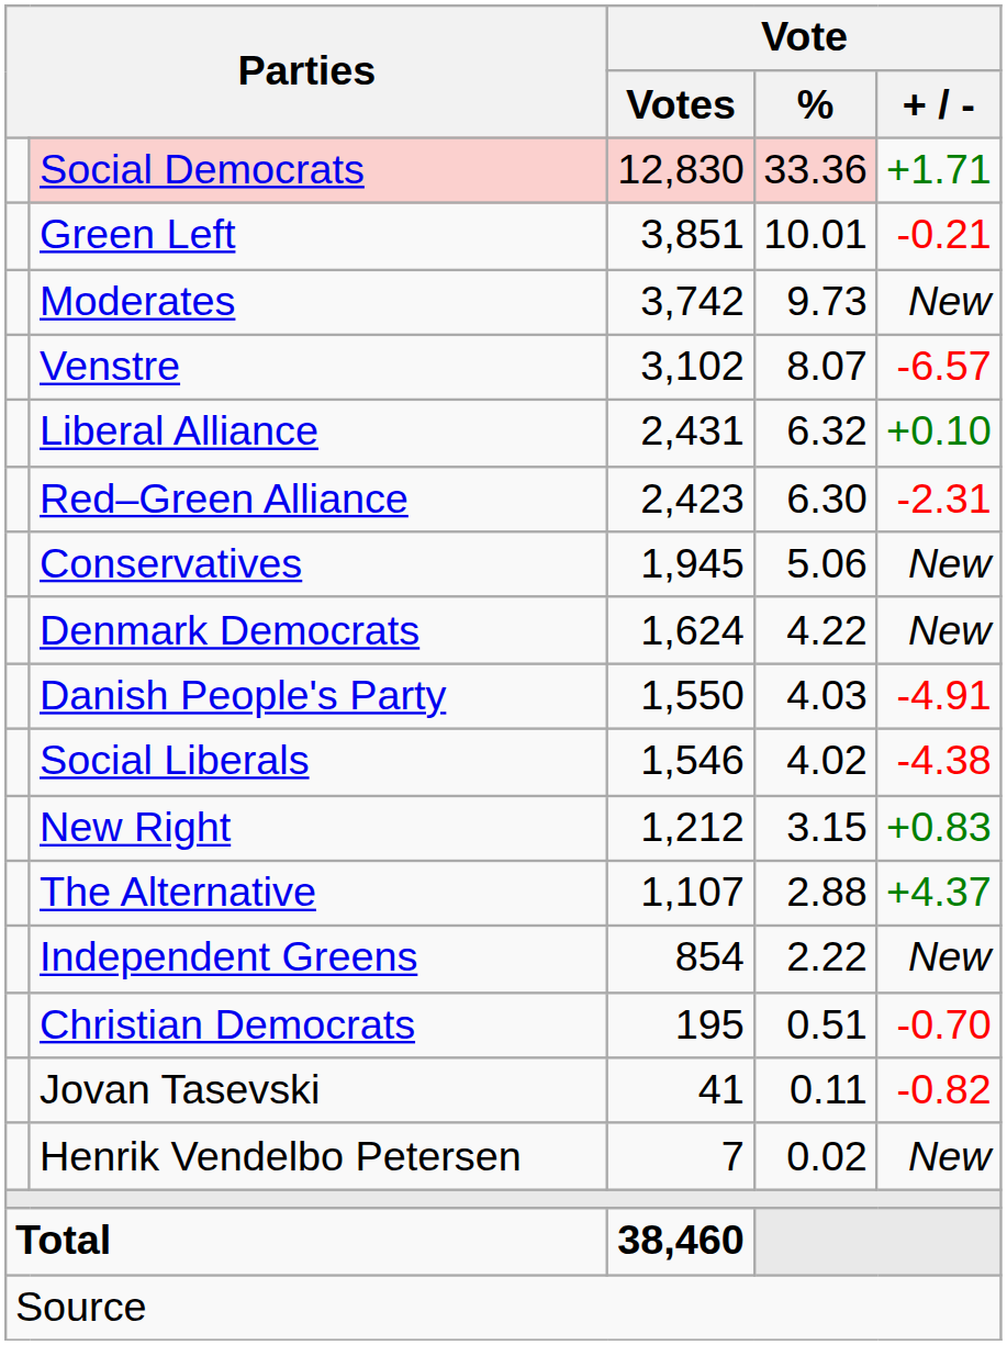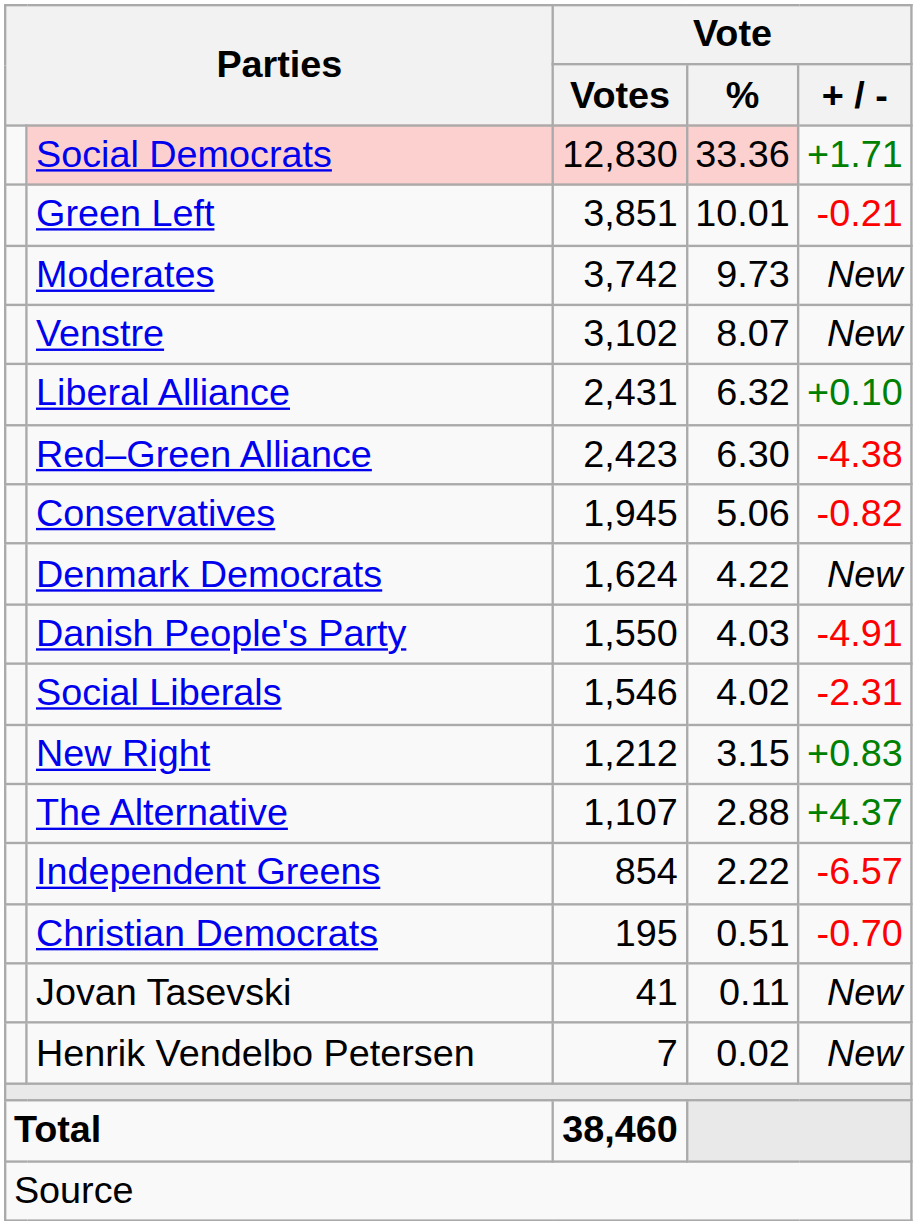 <table class="wikitable" style="text-align:right;">
 <tr>
 <th style="text-align:centre;" rowspan="2" colspan="2" width="225">Parties</th>
 <th colspan="3">Vote</th>
 </tr>
 <tr>
 <th width="15">Votes</th>
 <th width="15">%</th>
 <th width="15">+ / -</th>
 </tr>
 <tr>
 <td width="2" style="color:inherit;background:"></td>
 <td bgcolor=#fbd0ce  align="left"><a href='#'>Social Democrats</a></td>
 <td bgcolor=#fbd0ce>12,830</td>
 <td bgcolor=#fbd0ce>33.36</td>
 <td style=color:green;>+1.71</td>
 </tr>
 <tr>
 <td width="2" style="color:inherit;background:"></td>
 <td align="left"><a href='#'>Green Left</a></td>
 <td>3,851</td>
 <td>10.01</td>
 <td style=color:red;>-0.21</td>
 </tr>
 <tr>
 <td width="2" style="color:inherit;background:"></td>
 <td align="left"><a href='#'>Moderates</a></td>
 <td>3,742</td>
 <td>9.73</td>
 <td><em>New</em></td>
 </tr>
 <tr>
 <td width="2" style="color:inherit;background:"></td>
 <td align="left"><a href='#'>Venstre</a></td>
 <td>3,102</td>
 <td>8.07</td>
-<td style=color:red;>-6.57</td>
+<td><em>New</em></td>
 </tr>
 <tr>
 <td width="2" style="color:inherit;background:"></td>
 <td align="left"><a href='#'>Liberal Alliance</a></td>
 <td>2,431</td>
 <td>6.32</td>
 <td style=color:green;>+0.10</td>
 </tr>
 <tr>
 <td width="2" style="color:inherit;background:"></td>
 <td align="left"><a href='#'>Red–Green Alliance</a></td>
 <td>2,423</td>
 <td>6.30</td>
-<td style=color:red;>-2.31</td>
+<td style=color:red;>-4.38</td>
 </tr>
 <tr>
 <td width="2" style="color:inherit;background:"></td>
 <td align="left"><a href='#'>Conservatives</a></td>
 <td>1,945</td>
 <td>5.06</td>
-<td><em>New</em></td>
+<td style=color:red;>-0.82</td>
 </tr>
 <tr>
 <td width="2" style="color:inherit;background:"></td>
 <td align="left"><a href='#'>Denmark Democrats</a></td>
 <td>1,624</td>
 <td>4.22</td>
 <td><em>New</em></td>
 </tr>
 <tr>
 <td width="2" style="color:inherit;background:"></td>
 <td align="left"><a href='#'>Danish People's Party</a></td>
 <td>1,550</td>
 <td>4.03</td>
 <td style=color:red;>-4.91</td>
 </tr>
 <tr>
 <td width="2" style="color:inherit;background:"></td>
 <td align="left"><a href='#'>Social Liberals</a></td>
 <td>1,546</td>
 <td>4.02</td>
-<td style=color:red;>-4.38</td>
+<td style=color:red;>-2.31</td>
 </tr>
 <tr>
 <td width="2" style="color:inherit;background:"></td>
 <td align="left"><a href='#'>New Right</a></td>
 <td>1,212</td>
 <td>3.15</td>
 <td style=color:green;>+0.83</td>
 </tr>
 <tr>
 <td width="2" style="color:inherit;background:"></td>
 <td align="left"><a href='#'>The Alternative</a></td>
 <td>1,107</td>
 <td>2.88</td>
 <td style=color:green;>+4.37</td>
 </tr>
 <tr>
 <td width="2" style="color:inherit;background:"></td>
 <td align="left"><a href='#'>Independent Greens</a></td>
 <td>854</td>
 <td>2.22</td>
-<td><em>New</em></td>
+<td style=color:red;>-6.57</td>
 </tr>
 <tr>
 <td width="2" style="color:inherit;background:"></td>
 <td align="left"><a href='#'>Christian Democrats</a></td>
 <td>195</td>
 <td>0.51</td>
 <td style=color:red;>-0.70</td>
 </tr>
 <tr>
 <td width="2" style="color:inherit;background:"></td>
 <td align="left">Jovan Tasevski</td>
 <td>41</td>
 <td>0.11</td>
-<td style=color:red;>-0.82</td>
+<td><em>New</em></td>
 </tr>
 <tr>
 <td width="2" style="color:inherit;background:"></td>
 <td align="left">Henrik Vendelbo Petersen</td>
 <td>7</td>
 <td>0.02</td>
 <td><em>New</em></td>
 </tr>
 <tr>
 <td colspan="7" bgcolor="#E9E9E9"></td>
 </tr>
 <tr>
 <td align="left" colspan="2"><strong>Total</strong></td>
 <td><strong>38,460</strong></td>
 <td bgcolor="#E9E9E9" colspan="2"></td>
 </tr>
 <tr>
 <td align="left" colspan="6">Source</td>
 </tr>
 </table>
